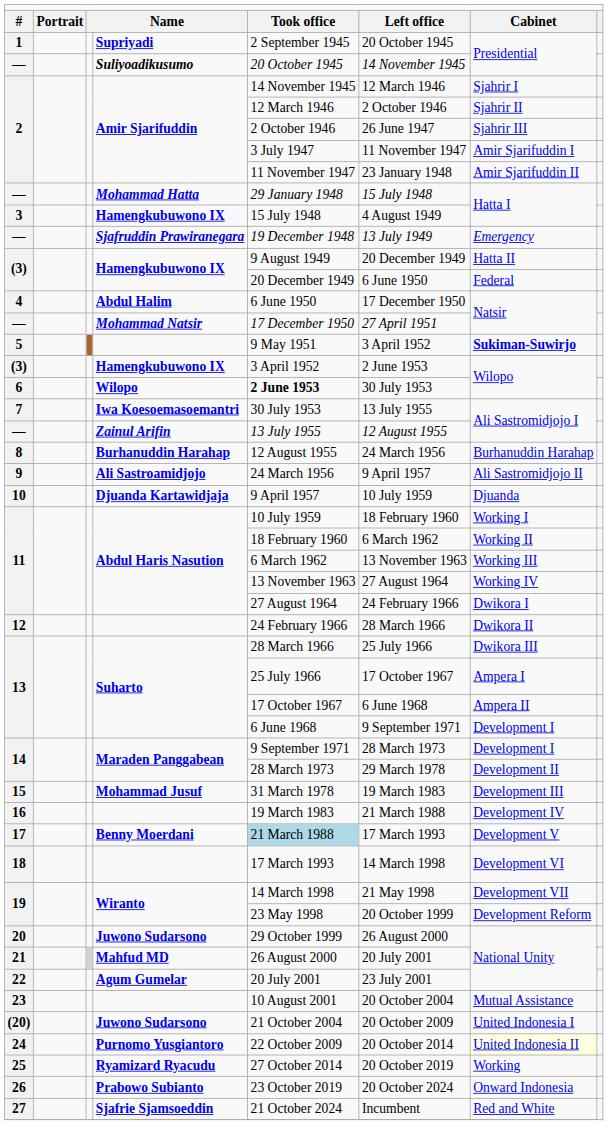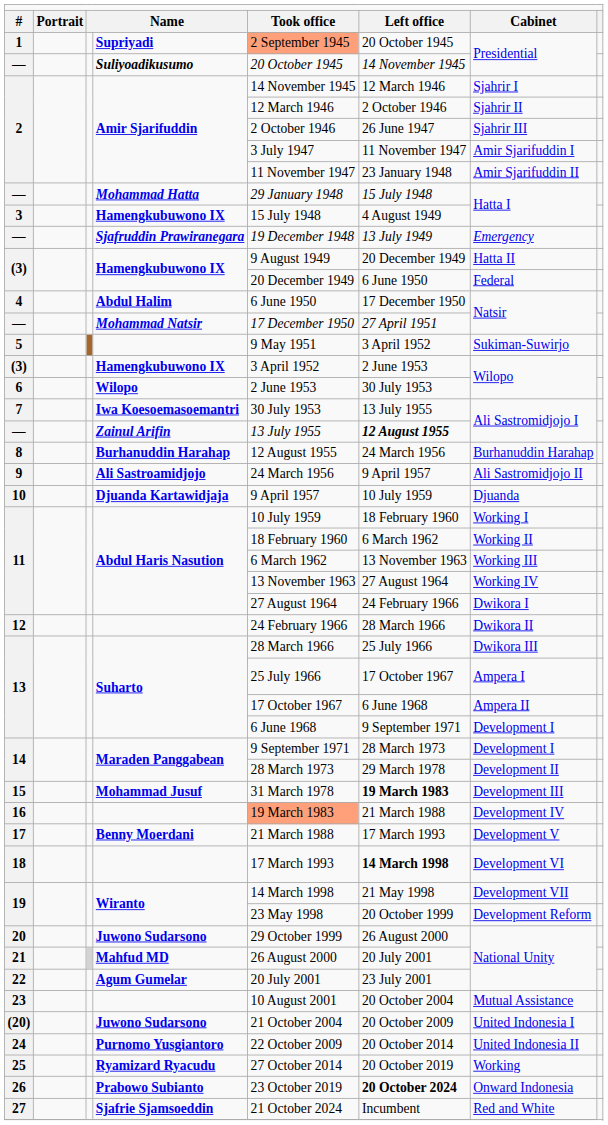 <table class="wikitable">
 <tr>
 <td colspan=8></td>
 </tr>
 <tr style="background-color:#cfc;">
 <th>#</th>
 <th>Portrait</th>
 <th colspan="2">Name</th>
 <th>Took office</th>
 <th>Left office</th>
 <th>Cabinet</th>
 <th></th>
 </tr>
 <tr>
 <th>1</th>
 <td></td>
 <td bgcolor=></td>
 <td><strong><a href='#'>Supriyadi</a></strong></td>
-<td>2 September 1945</td>
+<td style="background: lightsalmon;">2 September 1945</td>
 <td>20 October 1945</td>
 <td rowspan=2><a href='#'>Presidential</a></td>
 <td><br></td>
 </tr>
 <tr>
 <th>—</th>
 <td></td>
 <td bgcolor=></td>
 <td><strong><em>Suliyoadikusumo</em></strong><br></td>
 <td><em>20 October 1945</em></td>
 <td><em>14 November 1945</em></td>
 <td></td>
 </tr>
 <tr>
 <th rowspan="5">2</th>
 <td rowspan="5"></td>
 <td rowspan="5" bgcolor=></td>
 <td rowspan="5"><strong><a href='#'>Amir Sjarifuddin</a></strong></td>
 <td>14 November 1945</td>
 <td>12 March 1946</td>
 <td><a href='#'>Sjahrir I</a></td>
 <td></td>
 </tr>
 <tr>
 <td>12 March 1946</td>
 <td>2 October 1946</td>
 <td><a href='#'>Sjahrir II</a></td>
 <td></td>
 </tr>
 <tr>
 <td>2 October 1946</td>
 <td>26 June 1947</td>
 <td><a href='#'>Sjahrir III</a></td>
 <td></td>
 </tr>
 <tr>
 <td>3 July 1947</td>
 <td>11 November 1947</td>
 <td><a href='#'>Amir Sjarifuddin I</a></td>
 <td></td>
 </tr>
 <tr>
 <td>11 November 1947</td>
 <td>23 January 1948</td>
 <td><a href='#'>Amir Sjarifuddin II</a></td>
 <td></td>
 </tr>
 <tr>
 <th>—</th>
 <td></td>
 <td bgcolor=></td>
 <td><strong><em><a href='#'>Mohammad Hatta</a></em></strong><br></td>
 <td><em>29 January 1948</em></td>
 <td><em>15 July 1948</em></td>
 <td rowspan=2><a href='#'>Hatta I</a></td>
 <td></td>
 </tr>
 <tr>
 <th>3</th>
 <td></td>
 <td bgcolor=></td>
 <td><strong><a href='#'>Hamengkubuwono IX</a></strong></td>
 <td>15 July 1948</td>
 <td>4 August 1949</td>
 <td></td>
 </tr>
 <tr>
 <th>—</th>
 <td></td>
 <td bgcolor=></td>
 <td><strong><em><a href='#'>Sjafruddin Prawiranegara</a></em></strong></td>
 <td><em>19 December 1948</em></td>
 <td><em>13 July 1949</em></td>
 <td><em><a href='#'>Emergency</a></em></td>
 <td></td>
 </tr>
 <tr>
 <th rowspan="2">(3)</th>
 <td rowspan="2"></td>
 <td rowspan="2" bgcolor=></td>
 <td rowspan="2"><strong><a href='#'>Hamengkubuwono IX</a></strong></td>
 <td>9 August 1949</td>
 <td>20 December 1949</td>
 <td><a href='#'>Hatta II</a></td>
 <td></td>
 </tr>
 <tr>
 <td>20 December 1949</td>
 <td>6 June 1950</td>
 <td><a href='#'>Federal</a></td>
 <td></td>
 </tr>
 <tr>
 <th>4</th>
 <td></td>
 <td bgcolor=></td>
 <td><strong><a href='#'>Abdul Halim</a></strong></td>
 <td>6 June 1950</td>
 <td>17 December 1950</td>
 <td rowspan=2><a href='#'>Natsir</a></td>
 <td></td>
 </tr>
 <tr>
 <th>—</th>
 <td></td>
 <td bgcolor=></td>
 <td><strong><em><a href='#'>Mohammad Natsir</a></em></strong><br></td>
 <td><em>17 December 1950</em></td>
 <td><em>27 April 1951</em></td>
 <td></td>
 </tr>
 <tr>
 <th>5</th>
 <td></td>
 <td bgcolor=#A5682A></td>
 <td><strong></strong></td>
 <td>9 May 1951</td>
 <td>3 April 1952</td>
-<td><strong><a href='#'>Sukiman-Suwirjo</a></strong></td>
+<td><a href='#'>Sukiman-Suwirjo</a></td>
 <td></td>
 </tr>
 <tr>
 <th>(3)</th>
 <td></td>
 <td bgcolor=></td>
 <td><strong><a href='#'>Hamengkubuwono IX</a></strong></td>
 <td>3 April 1952</td>
 <td>2 June 1953</td>
 <td rowspan=2><a href='#'>Wilopo</a></td>
 <td></td>
 </tr>
 <tr>
 <th>6</th>
 <td></td>
 <td bgcolor=></td>
 <td><strong><a href='#'>Wilopo</a></strong></td>
-<td><strong>2 June 1953</strong></td>
+<td>2 June 1953</td>
 <td>30 July 1953</td>
 <td></td>
 </tr>
 <tr>
 <th>7</th>
 <td></td>
 <td bgcolor=></td>
 <td><strong><a href='#'>Iwa Koesoemasoemantri</a></strong></td>
 <td>30 July 1953</td>
 <td>13 July 1955</td>
 <td rowspan=2><a href='#'>Ali Sastromidjojo I</a></td>
 <td></td>
 </tr>
 <tr>
 <th>—</th>
 <td></td>
 <td bgcolor=></td>
 <td><strong><em><a href='#'>Zainul Arifin</a></em></strong><br></td>
 <td><em>13 July 1955</em></td>
-<td><em>12 August 1955</em></td>
+<td><strong><em>12 August 1955</em></strong></td>
 <td></td>
 </tr>
 <tr>
 <th>8</th>
 <td></td>
 <td bgcolor=></td>
 <td><strong><a href='#'>Burhanuddin Harahap</a></strong></td>
 <td>12 August 1955</td>
 <td>24 March 1956</td>
 <td><a href='#'>Burhanuddin Harahap</a></td>
 <td></td>
 </tr>
 <tr>
 <th>9</th>
 <td></td>
 <td bgcolor=></td>
 <td><strong><a href='#'>Ali Sastroamidjojo</a></strong></td>
 <td>24 March 1956</td>
 <td>9 April 1957</td>
 <td><a href='#'>Ali Sastromidjojo II</a></td>
 <td></td>
 </tr>
 <tr>
 <th>10</th>
 <td></td>
 <td bgcolor=></td>
 <td><strong><a href='#'>Djuanda Kartawidjaja</a></strong></td>
 <td>9 April 1957</td>
 <td>10 July 1959</td>
 <td><a href='#'>Djuanda</a></td>
 <td></td>
 </tr>
 <tr>
 <th rowspan="5">11</th>
 <td rowspan="5"></td>
 <td rowspan="5" bgcolor=></td>
 <td rowspan="5"><strong><a href='#'>Abdul Haris Nasution</a></strong></td>
 <td>10 July 1959</td>
 <td>18 February 1960</td>
 <td><a href='#'>Working I</a></td>
 <td></td>
 </tr>
 <tr>
 <td>18 February 1960</td>
 <td>6 March 1962</td>
 <td><a href='#'>Working II</a></td>
 <td></td>
 </tr>
 <tr>
 <td>6 March 1962</td>
 <td>13 November 1963</td>
 <td><a href='#'>Working III</a></td>
 <td><br></td>
 </tr>
 <tr>
 <td>13 November 1963</td>
 <td>27 August 1964</td>
 <td><a href='#'>Working IV</a></td>
 <td></td>
 </tr>
 <tr>
 <td>27 August 1964</td>
 <td>24 February 1966</td>
 <td><a href='#'>Dwikora I</a></td>
 <td></td>
 </tr>
 <tr>
 <th>12</th>
 <td></td>
 <td bgcolor=></td>
 <td><strong></strong></td>
 <td>24 February 1966</td>
 <td>28 March 1966</td>
 <td><a href='#'>Dwikora II</a></td>
 <td><br></td>
 </tr>
 <tr>
 <th rowspan="4">13</th>
 <td rowspan="4"></td>
 <td rowspan="4" bgcolor=></td>
 <td rowspan="4"><strong><a href='#'>Suharto</a></strong></td>
 <td>28 March 1966</td>
 <td>25 July 1966</td>
 <td><a href='#'>Dwikora III</a></td>
 <td><br></td>
 </tr>
 <tr>
 <td>25 July 1966</td>
 <td>17 October 1967</td>
 <td><a href='#'>Ampera I</a></td>
 <td><br><br></td>
 </tr>
 <tr>
 <td>17 October 1967</td>
 <td>6 June 1968</td>
 <td><a href='#'>Ampera II</a></td>
 <td><br></td>
 </tr>
 <tr>
 <td>6 June 1968</td>
 <td>9 September 1971</td>
 <td><a href='#'>Development I</a></td>
 <td><br></td>
 </tr>
 <tr>
 <th rowspan="2">14</th>
 <td rowspan="2"></td>
 <td rowspan="2" bgcolor=></td>
 <td rowspan="2"><strong><a href='#'>Maraden Panggabean</a></strong></td>
 <td>9 September 1971</td>
 <td>28 March 1973</td>
 <td><a href='#'>Development I</a></td>
 <td></td>
 </tr>
 <tr>
 <td>28 March 1973</td>
 <td>29 March 1978</td>
 <td><a href='#'>Development II</a></td>
 <td></td>
 </tr>
 <tr>
 <th>15</th>
 <td></td>
 <td bgcolor=></td>
 <td><strong><a href='#'>Mohammad Jusuf</a></strong></td>
 <td>31 March 1978</td>
-<td>19 March 1983</td>
+<td><strong>19 March 1983</strong></td>
 <td><a href='#'>Development III</a></td>
 <td></td>
 </tr>
 <tr>
 <th>16</th>
 <td></td>
 <td bgcolor=></td>
 <td><strong></strong></td>
-<td>19 March 1983</td>
+<td style="background: lightsalmon;">19 March 1983</td>
 <td>21 March 1988</td>
 <td><a href='#'>Development IV</a></td>
 <td></td>
 </tr>
 <tr>
 <th>17</th>
 <td></td>
 <td bgcolor=></td>
 <td><strong><a href='#'>Benny Moerdani</a></strong></td>
-<td style="background: lightblue;">21 March 1988</td>
+<td>21 March 1988</td>
 <td>17 March 1993</td>
 <td><a href='#'>Development V</a></td>
 <td></td>
 </tr>
 <tr>
 <th>18</th>
 <td></td>
 <td bgcolor=></td>
 <td><strong></strong></td>
 <td>17 March 1993</td>
-<td>14 March 1998</td>
+<td><strong>14 March 1998</strong></td>
 <td><a href='#'>Development VI</a></td>
 <td><br><br></td>
 </tr>
 <tr>
 <th rowspan="2">19</th>
 <td rowspan="2"></td>
 <td rowspan="2" bgcolor=></td>
 <td rowspan="2"><strong><a href='#'>Wiranto</a></strong></td>
 <td>14 March 1998</td>
 <td>21 May 1998</td>
 <td><a href='#'>Development VII</a></td>
 <td></td>
 </tr>
 <tr>
 <td>23 May 1998</td>
 <td>20 October 1999</td>
 <td><a href='#'>Development Reform</a></td>
 <td></td>
 </tr>
 <tr>
 <th>20</th>
 <td></td>
 <td bgcolor=></td>
 <td><strong><a href='#'>Juwono Sudarsono</a></strong></td>
 <td>29 October 1999</td>
 <td>26 August 2000</td>
 <td rowspan=3><a href='#'>National Unity</a></td>
 <td></td>
 </tr>
 <tr>
 <th>21</th>
 <td></td>
 <td bgcolor=#d3d3d3></td>
 <td><strong><a href='#'>Mahfud MD</a></strong></td>
 <td>26 August 2000</td>
 <td>20 July 2001</td>
 <td></td>
 </tr>
 <tr>
 <th>22</th>
 <td></td>
 <td bgcolor=></td>
 <td><strong><a href='#'>Agum Gumelar</a></strong></td>
 <td>20 July 2001</td>
 <td>23 July 2001</td>
 <td></td>
 </tr>
 <tr>
 <th>23</th>
 <td></td>
 <td bgcolor=></td>
 <td><strong></strong></td>
 <td>10 August 2001</td>
 <td>20 October 2004</td>
 <td><a href='#'>Mutual Assistance</a></td>
 <td></td>
 </tr>
 <tr>
 <th>(20)</th>
 <td></td>
 <td bgcolor=></td>
 <td><strong><a href='#'>Juwono Sudarsono</a></strong></td>
 <td>21 October 2004</td>
 <td>20 October 2009</td>
 <td><a href='#'>United Indonesia I</a></td>
 <td></td>
 </tr>
 <tr>
 <th>24</th>
 <td></td>
 <td bgcolor=></td>
 <td><strong><a href='#'>Purnomo Yusgiantoro</a></strong></td>
 <td>22 October 2009</td>
 <td>20 October 2014</td>
-<td style="background: lightyellow;"><a href='#'>United Indonesia II</a></td>
+<td><a href='#'>United Indonesia II</a></td>
 <td></td>
 </tr>
 <tr>
 <th>25</th>
 <td></td>
 <td bgcolor=></td>
 <td><strong><a href='#'>Ryamizard Ryacudu</a></strong></td>
 <td>27 October 2014</td>
 <td>20 October 2019</td>
 <td><a href='#'>Working</a></td>
 <td></td>
 </tr>
 <tr>
 <th>26</th>
 <td></td>
 <td bgcolor=></td>
 <td><strong><a href='#'>Prabowo Subianto</a></strong></td>
 <td>23 October 2019</td>
-<td>20 October 2024</td>
+<td><strong>20 October 2024</strong></td>
 <td><a href='#'>Onward Indonesia</a></td>
 <td></td>
 </tr>
 <tr>
 <th>27</th>
 <td></td>
 <td bgcolor=></td>
 <td><strong><a href='#'>Sjafrie Sjamsoeddin</a></strong></td>
 <td>21 October 2024</td>
 <td>Incumbent</td>
 <td><a href='#'>Red and White</a></td>
 </tr>
 <tr>
 </tr>
 </table>
